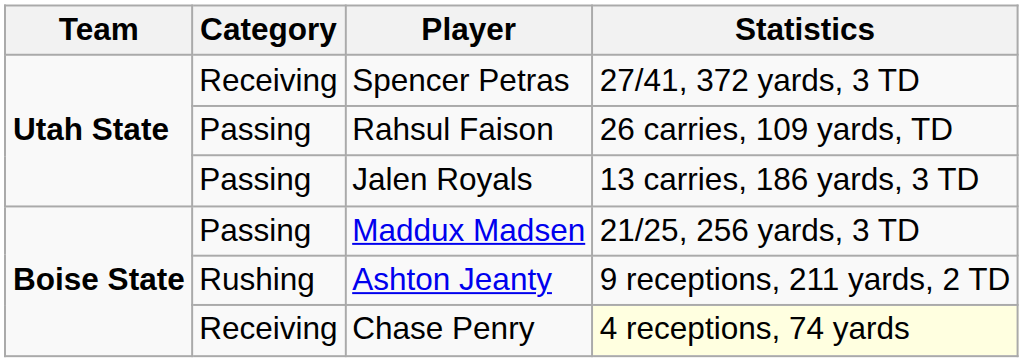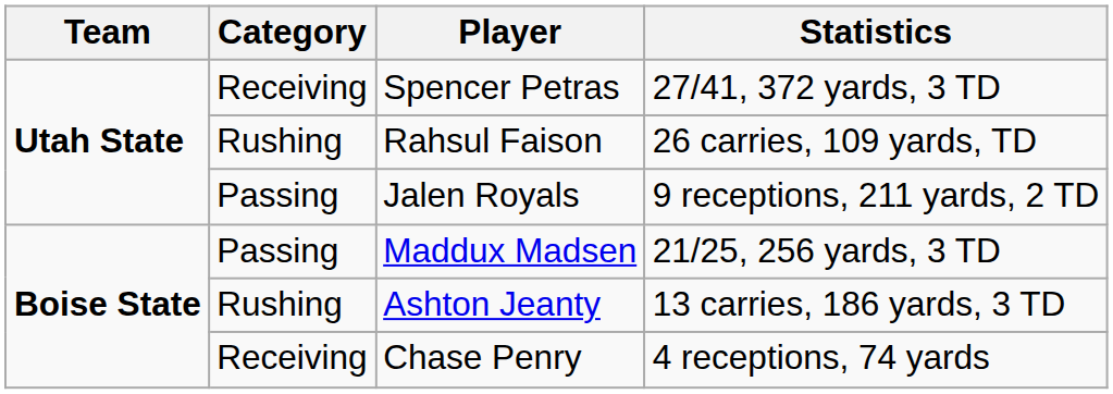 <table class="wikitable" style="float: right;">
 <tr>
 <th>Team</th>
 <th>Category</th>
 <th>Player</th>
 <th>Statistics</th>
 </tr>
 <tr>
 <td rowspan=3><strong>Utah State</strong></td>
 <td>Receiving</td>
 <td>Spencer Petras</td>
 <td>27/41, 372 yards, 3 TD</td>
 </tr>
 <tr>
-<td>Passing</td>
+<td>Rushing</td>
 <td>Rahsul Faison</td>
 <td>26 carries, 109 yards, TD</td>
 </tr>
 <tr>
 <td>Passing</td>
 <td>Jalen Royals</td>
-<td>13 carries, 186 yards, 3 TD</td>
+<td>9 receptions, 211 yards, 2 TD</td>
 </tr>
 <tr>
 <td rowspan=3><strong>Boise State</strong></td>
 <td>Passing</td>
 <td><a href='#'>Maddux Madsen</a></td>
 <td>21/25, 256 yards, 3 TD</td>
 </tr>
 <tr>
 <td>Rushing</td>
 <td><a href='#'>Ashton Jeanty</a></td>
-<td>9 receptions, 211 yards, 2 TD</td>
+<td>13 carries, 186 yards, 3 TD</td>
 </tr>
 <tr>
 <td>Receiving</td>
 <td>Chase Penry</td>
-<td style="background: lightyellow;">4 receptions, 74 yards</td>
+<td>4 receptions, 74 yards</td>
 </tr>
 </table>
